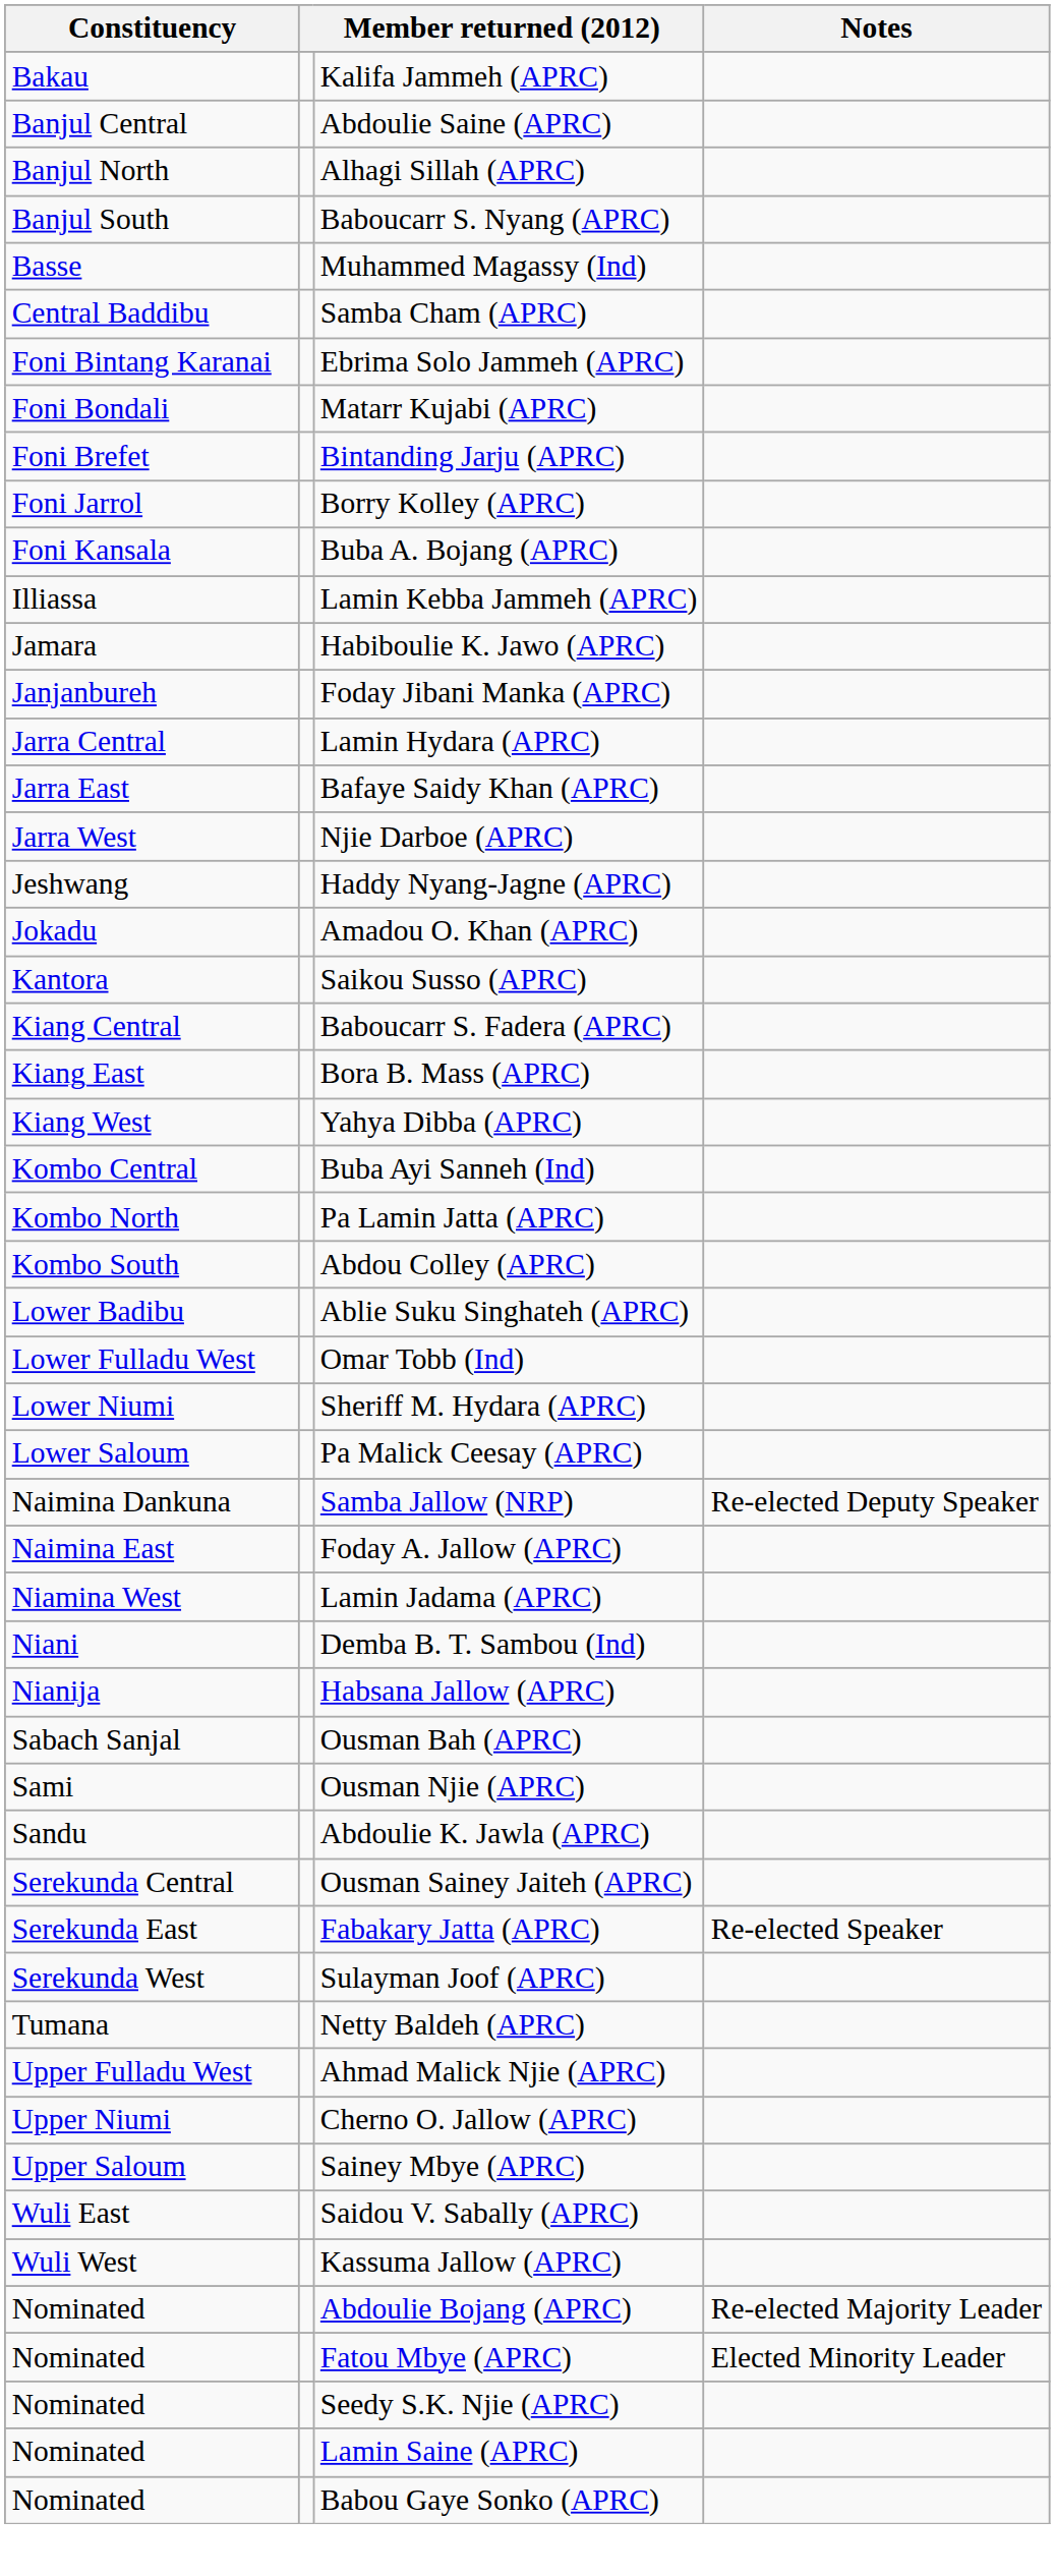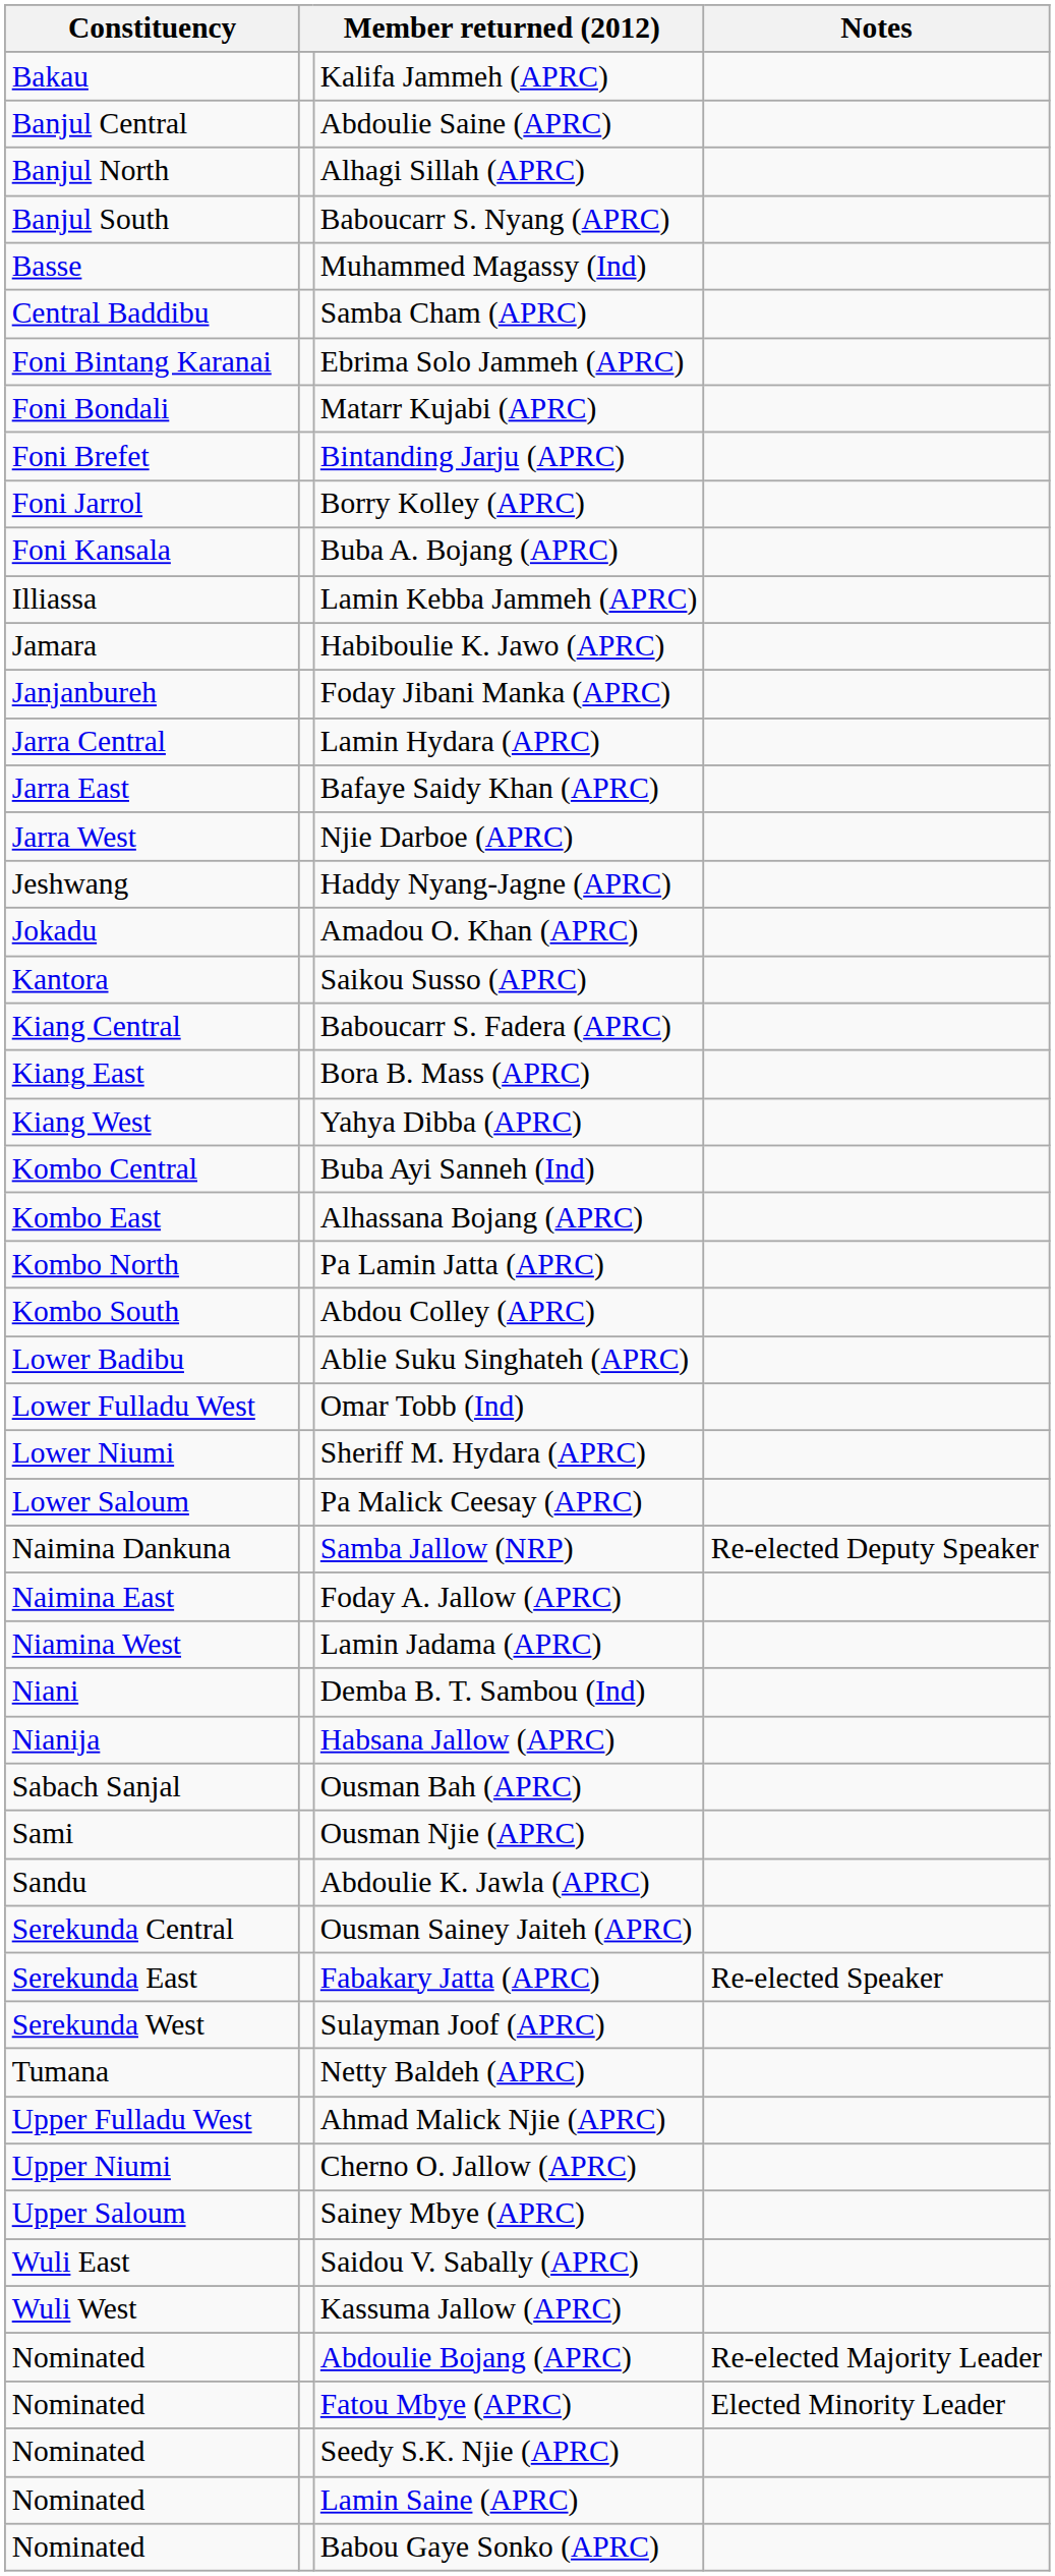 <table class="wikitable">
 <tr>
 <th width="150px">Constituency</th>
 <th colspan="2">Member returned (2012)</th>
 <th>Notes</th>
 </tr>
 <tr>
 <td><a href='#'>Bakau</a></td>
 <td style="background-color: "></td>
 <td>Kalifa Jammeh (<a href='#'>APRC</a>)</td>
 <td></td>
 </tr>
 <tr>
 <td><a href='#'>Banjul</a> Central</td>
 <td style="background-color: "></td>
 <td>Abdoulie Saine (<a href='#'>APRC</a>)</td>
 <td></td>
 </tr>
 <tr>
 <td><a href='#'>Banjul</a> North</td>
 <td style="background-color: "></td>
 <td>Alhagi Sillah (<a href='#'>APRC</a>)</td>
 <td></td>
 </tr>
 <tr>
 <td><a href='#'>Banjul</a> South</td>
 <td style="background-color: "></td>
 <td>Baboucarr S. Nyang (<a href='#'>APRC</a>)</td>
 <td></td>
 </tr>
 <tr>
 <td><a href='#'>Basse</a></td>
 <td style="background-color: "></td>
 <td>Muhammed Magassy (<a href='#'>Ind</a>)</td>
 <td></td>
 </tr>
 <tr>
 <td><a href='#'>Central Baddibu</a></td>
 <td style="background-color: "></td>
 <td>Samba Cham (<a href='#'>APRC</a>)</td>
 <td></td>
 </tr>
 <tr>
 <td><a href='#'>Foni Bintang Karanai</a></td>
 <td style="background-color: "></td>
 <td>Ebrima Solo Jammeh (<a href='#'>APRC</a>)</td>
 <td></td>
 </tr>
 <tr>
 <td><a href='#'>Foni Bondali</a></td>
 <td style="background-color: "></td>
 <td>Matarr Kujabi (<a href='#'>APRC</a>)</td>
 <td></td>
 </tr>
 <tr>
 <td><a href='#'>Foni Brefet</a></td>
 <td style="background-color: "></td>
 <td><a href='#'>Bintanding Jarju</a> (<a href='#'>APRC</a>)</td>
 <td></td>
 </tr>
 <tr>
 <td><a href='#'>Foni Jarrol</a></td>
 <td style="background-color: "></td>
 <td>Borry Kolley (<a href='#'>APRC</a>)</td>
 <td></td>
 </tr>
 <tr>
 <td><a href='#'>Foni Kansala</a></td>
 <td style="background-color: "></td>
 <td>Buba A. Bojang (<a href='#'>APRC</a>)</td>
 <td></td>
 </tr>
 <tr>
 <td>Illiassa</td>
 <td style="background-color: "></td>
 <td>Lamin Kebba Jammeh (<a href='#'>APRC</a>)</td>
 <td></td>
 </tr>
 <tr>
 <td>Jamara</td>
 <td style="background-color: "></td>
 <td>Habiboulie K. Jawo (<a href='#'>APRC</a>)</td>
 <td></td>
 </tr>
 <tr>
 <td><a href='#'>Janjanbureh</a></td>
 <td style="background-color: "></td>
 <td>Foday Jibani Manka (<a href='#'>APRC</a>)</td>
 <td></td>
 </tr>
 <tr>
 <td><a href='#'>Jarra Central</a></td>
 <td style="background-color: "></td>
 <td>Lamin Hydara (<a href='#'>APRC</a>)</td>
 <td></td>
 </tr>
 <tr>
 <td><a href='#'>Jarra East</a></td>
 <td style="background-color: "></td>
 <td>Bafaye Saidy Khan (<a href='#'>APRC</a>)</td>
 <td></td>
 </tr>
 <tr>
 <td><a href='#'>Jarra West</a></td>
 <td style="background-color: "></td>
 <td>Njie Darboe (<a href='#'>APRC</a>)</td>
 <td></td>
 </tr>
 <tr>
 <td>Jeshwang</td>
 <td style="background-color: "></td>
 <td>Haddy Nyang-Jagne (<a href='#'>APRC</a>)</td>
 <td></td>
 </tr>
 <tr>
 <td><a href='#'>Jokadu</a></td>
 <td style="background-color: "></td>
 <td>Amadou O. Khan (<a href='#'>APRC</a>)</td>
 <td></td>
 </tr>
 <tr>
 <td><a href='#'>Kantora</a></td>
 <td style="background-color: "></td>
 <td>Saikou Susso (<a href='#'>APRC</a>)</td>
 <td></td>
 </tr>
 <tr>
 <td><a href='#'>Kiang Central</a></td>
 <td style="background-color: "></td>
 <td>Baboucarr S. Fadera (<a href='#'>APRC</a>)</td>
 <td></td>
 </tr>
 <tr>
 <td><a href='#'>Kiang East</a></td>
 <td style="background-color: "></td>
 <td>Bora B. Mass (<a href='#'>APRC</a>)</td>
 <td></td>
 </tr>
 <tr>
 <td><a href='#'>Kiang West</a></td>
 <td style="background-color: "></td>
 <td>Yahya Dibba (<a href='#'>APRC</a>)</td>
 <td></td>
 </tr>
 <tr>
 <td><a href='#'>Kombo Central</a></td>
 <td style="background-color: "></td>
 <td>Buba Ayi Sanneh (<a href='#'>Ind</a>)</td>
+<td></td>
+</tr>
+<tr>
+<td><a href='#'>Kombo East</a></td>
+<td style="background-color: "></td>
+<td>Alhassana Bojang (<a href='#'>APRC</a>)</td>
 <td></td>
 </tr>
 <tr>
 <td><a href='#'>Kombo North</a></td>
 <td style="background-color: "></td>
 <td>Pa Lamin Jatta (<a href='#'>APRC</a>)</td>
 <td></td>
 </tr>
 <tr>
 <td><a href='#'>Kombo South</a></td>
 <td style="background-color: "></td>
 <td>Abdou Colley (<a href='#'>APRC</a>)</td>
 <td></td>
 </tr>
 <tr>
 <td><a href='#'>Lower Badibu</a></td>
 <td style="background-color: "></td>
 <td>Ablie Suku Singhateh (<a href='#'>APRC</a>)</td>
 <td></td>
 </tr>
 <tr>
 <td><a href='#'>Lower Fulladu West</a></td>
 <td style="background-color: "></td>
 <td>Omar Tobb (<a href='#'>Ind</a>)</td>
 <td></td>
 </tr>
 <tr>
 <td><a href='#'>Lower Niumi</a></td>
 <td style="background-color: "></td>
 <td>Sheriff M. Hydara (<a href='#'>APRC</a>)</td>
 <td></td>
 </tr>
 <tr>
 <td><a href='#'>Lower Saloum</a></td>
 <td style="background-color: "></td>
 <td>Pa Malick Ceesay (<a href='#'>APRC</a>)</td>
 <td></td>
 </tr>
 <tr>
 <td>Naimina Dankuna</td>
 <td style="background-color: "></td>
 <td><a href='#'>Samba Jallow</a> (<a href='#'>NRP</a>)</td>
 <td>Re-elected Deputy Speaker</td>
 </tr>
 <tr>
 <td><a href='#'>Naimina East</a></td>
 <td style="background-color: "></td>
 <td>Foday A. Jallow (<a href='#'>APRC</a>)</td>
 <td></td>
 </tr>
 <tr>
 <td><a href='#'>Niamina West</a></td>
 <td style="background-color: "></td>
 <td>Lamin Jadama (<a href='#'>APRC</a>)</td>
 <td></td>
 </tr>
 <tr>
 <td><a href='#'>Niani</a></td>
 <td style="background-color: "></td>
 <td>Demba B. T. Sambou (<a href='#'>Ind</a>)</td>
 <td></td>
 </tr>
 <tr>
 <td><a href='#'>Nianija</a></td>
 <td style="background-color: "></td>
 <td><a href='#'>Habsana Jallow</a> (<a href='#'>APRC</a>)</td>
 <td></td>
 </tr>
 <tr>
 <td>Sabach Sanjal</td>
 <td style="background-color: "></td>
 <td>Ousman Bah (<a href='#'>APRC</a>)</td>
 <td></td>
 </tr>
 <tr>
 <td>Sami</td>
 <td style="background-color: "></td>
 <td>Ousman Njie (<a href='#'>APRC</a>)</td>
 <td></td>
 </tr>
 <tr>
 <td>Sandu</td>
 <td style="background-color: "></td>
 <td>Abdoulie K. Jawla (<a href='#'>APRC</a>)</td>
 <td></td>
 </tr>
 <tr>
 <td><a href='#'>Serekunda</a> Central</td>
 <td style="background-color: "></td>
 <td>Ousman Sainey Jaiteh (<a href='#'>APRC</a>)</td>
 <td></td>
 </tr>
 <tr>
 <td><a href='#'>Serekunda</a> East</td>
 <td style="background-color: "></td>
 <td><a href='#'>Fabakary Jatta</a> (<a href='#'>APRC</a>)</td>
 <td>Re-elected Speaker</td>
 </tr>
 <tr>
 <td><a href='#'>Serekunda</a> West</td>
 <td style="background-color: "></td>
 <td>Sulayman Joof (<a href='#'>APRC</a>)</td>
 <td></td>
 </tr>
 <tr>
 <td>Tumana</td>
 <td style="background-color: "></td>
 <td>Netty Baldeh (<a href='#'>APRC</a>)</td>
 <td></td>
 </tr>
 <tr>
 <td><a href='#'>Upper Fulladu West</a></td>
 <td style="background-color: "></td>
 <td>Ahmad Malick Njie (<a href='#'>APRC</a>)</td>
 <td></td>
 </tr>
 <tr>
 <td><a href='#'>Upper Niumi</a></td>
 <td style="background-color: "></td>
 <td>Cherno O. Jallow (<a href='#'>APRC</a>)</td>
 <td></td>
 </tr>
 <tr>
 <td><a href='#'>Upper Saloum</a></td>
 <td style="background-color: "></td>
 <td>Sainey Mbye (<a href='#'>APRC</a>)</td>
 <td></td>
 </tr>
 <tr>
 <td><a href='#'>Wuli</a> East</td>
 <td style="background-color: "></td>
 <td>Saidou V. Sabally (<a href='#'>APRC</a>)</td>
 <td></td>
 </tr>
 <tr>
 <td><a href='#'>Wuli</a> West</td>
 <td style="background-color: "></td>
 <td>Kassuma Jallow (<a href='#'>APRC</a>)</td>
 <td></td>
 </tr>
 <tr>
 <td>Nominated</td>
 <td style="background-color: "></td>
 <td><a href='#'>Abdoulie Bojang</a> (<a href='#'>APRC</a>)</td>
 <td>Re-elected Majority Leader</td>
 </tr>
 <tr>
 <td>Nominated</td>
 <td style="background-color: "></td>
 <td><a href='#'>Fatou Mbye</a> (<a href='#'>APRC</a>)</td>
 <td>Elected Minority Leader</td>
 </tr>
 <tr>
 <td>Nominated</td>
 <td style="background-color: "></td>
 <td>Seedy S.K. Njie (<a href='#'>APRC</a>)</td>
 <td></td>
 </tr>
 <tr>
 <td>Nominated</td>
 <td style="background-color: "></td>
 <td><a href='#'>Lamin Saine</a> (<a href='#'>APRC</a>)</td>
 <td></td>
 </tr>
 <tr>
 <td>Nominated</td>
 <td style="background-color: "></td>
 <td>Babou Gaye Sonko (<a href='#'>APRC</a>)</td>
 <td></td>
 </tr>
 </table>
